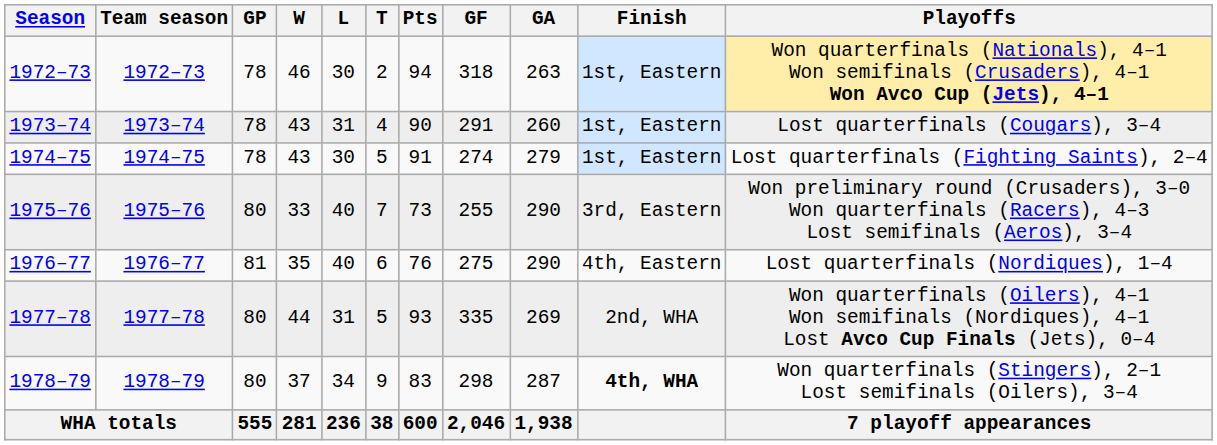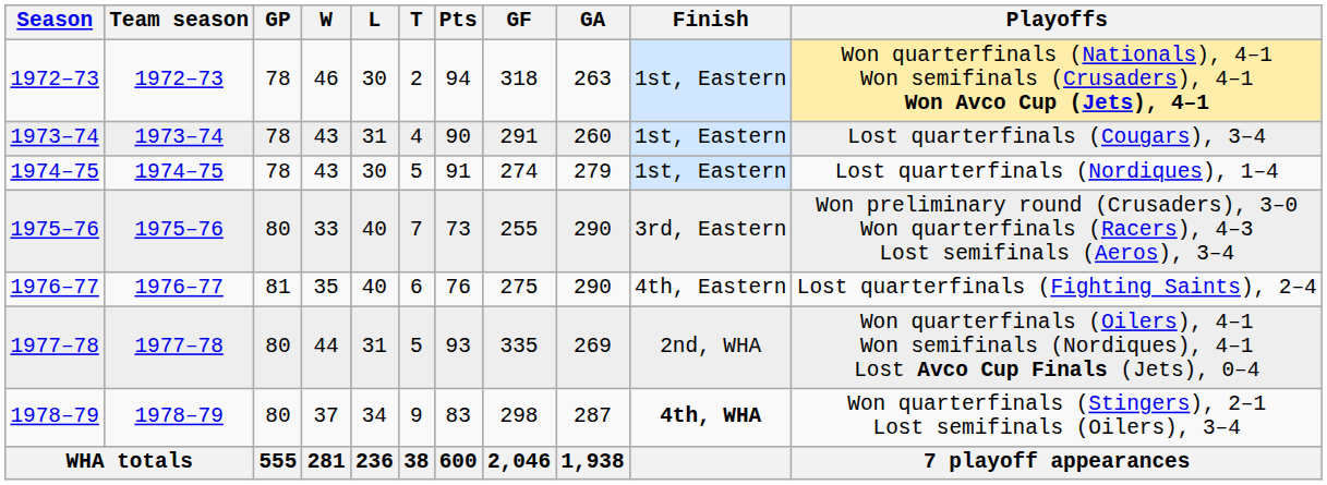 <table class="wikitable" style="text-align:center; font-size:95%">
 <tr>
 <th><a href='#'>Season</a></th>
 <th>Team season</th>
 <th>GP</th>
 <th>W</th>
 <th>L</th>
 <th>T</th>
 <th>Pts</th>
 <th>GF</th>
 <th>GA</th>
 <th>Finish</th>
 <th>Playoffs</th>
 </tr>
 <tr>
 <td><a href='#'>1972–73</a></td>
 <td><a href='#'>1972–73</a></td>
 <td>78</td>
 <td>46</td>
 <td>30</td>
 <td>2</td>
 <td>94</td>
 <td>318</td>
 <td>263</td>
 <td style="background: #d0e7ff;">1st, Eastern</td>
 <td style="background: #ffeeaa;">Won quarterfinals (<a href='#'>Nationals</a>), 4–1<br>Won semifinals (<a href='#'>Crusaders</a>), 4–1<br><strong>Won Avco Cup (<a href='#'>Jets</a>), 4–1</strong></td>
 </tr>
 <tr bgcolor="#eeeeee">
 <td><a href='#'>1973–74</a></td>
 <td><a href='#'>1973–74</a></td>
 <td>78</td>
 <td>43</td>
 <td>31</td>
 <td>4</td>
 <td>90</td>
 <td>291</td>
 <td>260</td>
 <td style="background: #d0e7ff;">1st, Eastern</td>
 <td>Lost quarterfinals (<a href='#'>Cougars</a>), 3–4</td>
 </tr>
 <tr>
 <td><a href='#'>1974–75</a></td>
 <td><a href='#'>1974–75</a></td>
 <td>78</td>
 <td>43</td>
 <td>30</td>
 <td>5</td>
 <td>91</td>
 <td>274</td>
 <td>279</td>
 <td style="background: #d0e7ff;">1st, Eastern</td>
-<td>Lost quarterfinals (<a href='#'>Fighting Saints</a>), 2–4</td>
+<td>Lost quarterfinals (<a href='#'>Nordiques</a>), 1–4</td>
 </tr>
 <tr bgcolor="#eeeeee">
 <td><a href='#'>1975–76</a></td>
 <td><a href='#'>1975–76</a></td>
 <td>80</td>
 <td>33</td>
 <td>40</td>
 <td>7</td>
 <td>73</td>
 <td>255</td>
 <td>290</td>
 <td>3rd, Eastern</td>
 <td>Won preliminary round (Crusaders), 3–0 <br>Won quarterfinals (<a href='#'>Racers</a>), 4–3<br>Lost semifinals (<a href='#'>Aeros</a>), 3–4</td>
 </tr>
 <tr>
 <td><a href='#'>1976–77</a></td>
 <td><a href='#'>1976–77</a></td>
 <td>81</td>
 <td>35</td>
 <td>40</td>
 <td>6</td>
 <td>76</td>
 <td>275</td>
 <td>290</td>
 <td>4th, Eastern</td>
-<td>Lost quarterfinals (<a href='#'>Nordiques</a>), 1–4</td>
+<td>Lost quarterfinals (<a href='#'>Fighting Saints</a>), 2–4</td>
 </tr>
 <tr bgcolor="#eeeeee">
 <td><a href='#'>1977–78</a></td>
 <td><a href='#'>1977–78</a></td>
 <td>80</td>
 <td>44</td>
 <td>31</td>
 <td>5</td>
 <td>93</td>
 <td>335</td>
 <td>269</td>
 <td>2nd, WHA</td>
 <td>Won quarterfinals (<a href='#'>Oilers</a>), 4–1<br>Won semifinals (Nordiques), 4–1<br>Lost <strong>Avco Cup Finals</strong> (Jets), 0–4</td>
 </tr>
 <tr>
 <td><a href='#'>1978–79</a></td>
 <td><a href='#'>1978–79</a></td>
 <td>80</td>
 <td>37</td>
 <td>34</td>
 <td>9</td>
 <td>83</td>
 <td>298</td>
 <td>287</td>
 <td><strong>4th, WHA</strong></td>
 <td>Won quarterfinals (<a href='#'>Stingers</a>), 2–1<br>Lost semifinals (Oilers), 3–4</td>
 </tr>
 <tr>
 <th colspan="2">WHA totals</th>
 <th>555</th>
 <th>281</th>
 <th>236</th>
 <th>38</th>
 <th>600</th>
 <th>2,046</th>
 <th>1,938</th>
 <th></th>
 <th>7 playoff appearances</th>
 </tr>
 </table>
